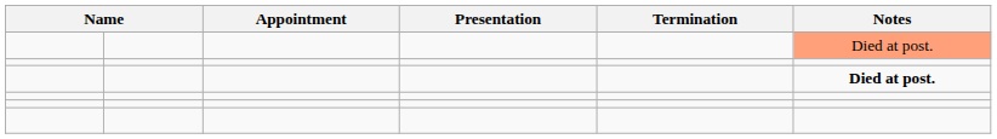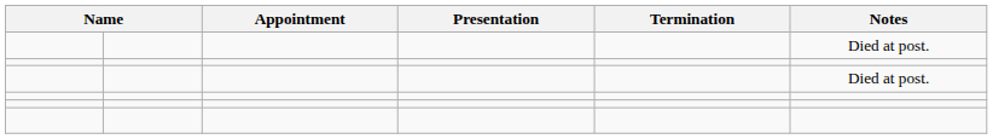 <table class="wikitable sortable" style="font-size:90%; text-align:center; width:100%;">
 <tr>
 <th colspan=2>Name</th>
 <th style="width:20%;">Appointment</th>
 <th style="width:20%;">Presentation</th>
 <th style="width:20%;">Termination</th>
 <th class="unsortable" style="width:20%;">Notes</th>
 </tr>
 <tr>
 <td></td>
 <td></td>
 <td></td>
 <td></td>
 <td></td>
-<td style="background: lightsalmon;">Died at post.</td>
+<td>Died at post.</td>
 </tr>
 <tr>
 <td></td>
 <td></td>
 <td></td>
 <td></td>
 <td></td>
 <td></td>
 </tr>
 <tr>
 <td></td>
 <td></td>
 <td></td>
 <td></td>
 <td></td>
-<td><strong>Died at post.</strong></td>
+<td>Died at post.</td>
 </tr>
 <tr>
 <td></td>
 <td></td>
 <td></td>
 <td></td>
 <td></td>
 <td></td>
 </tr>
 <tr>
 <td></td>
 <td></td>
 <td></td>
 <td></td>
 <td></td>
 <td></td>
 </tr>
 <tr>
 <td></td>
 <td></td>
 <td></td>
 <td><br></td>
 <td></td>
 <td></td>
 </tr>
 </table>
